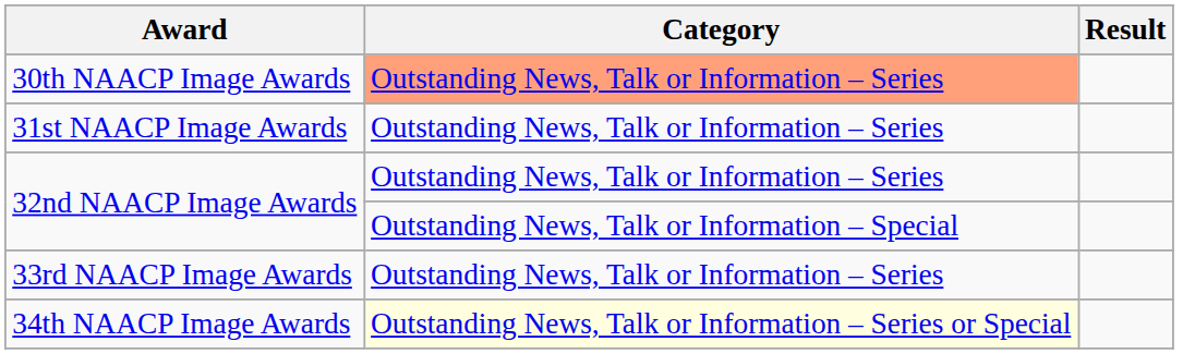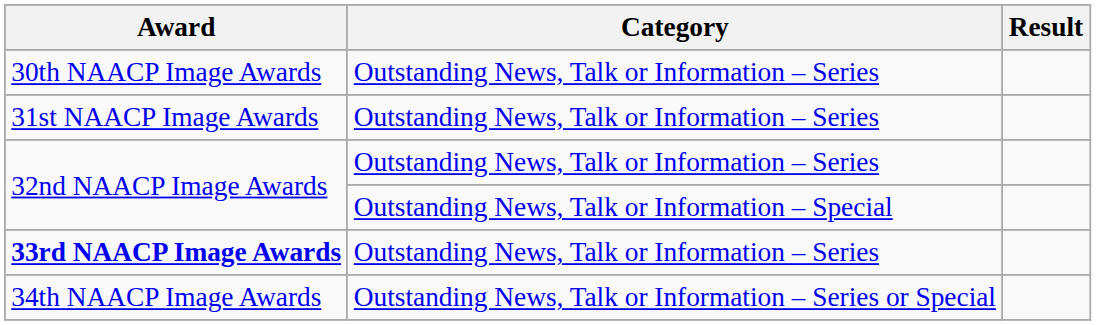 <table class="wikitable" style="font-size: 95%;">
 <tr>
 <th>Award</th>
 <th>Category</th>
 <th>Result</th>
 </tr>
 <tr>
 <td><a href='#'>30th NAACP Image Awards</a></td>
-<td style="background: lightsalmon;"><a href='#'>Outstanding News, Talk or Information – Series</a></td>
+<td><a href='#'>Outstanding News, Talk or Information – Series</a></td>
 <td></td>
 </tr>
 <tr>
 <td><a href='#'>31st NAACP Image Awards</a></td>
 <td><a href='#'>Outstanding News, Talk or Information – Series</a></td>
 <td></td>
 </tr>
 <tr>
 <td rowspan="2"><a href='#'>32nd NAACP Image Awards</a></td>
 <td><a href='#'>Outstanding News, Talk or Information – Series</a></td>
 <td></td>
 </tr>
 <tr>
 <td><a href='#'>Outstanding News, Talk or Information – Special</a></td>
 <td></td>
 </tr>
 <tr>
-<td><a href='#'>33rd NAACP Image Awards</a></td>
+<td><strong><a href='#'>33rd NAACP Image Awards</a></strong></td>
 <td><a href='#'>Outstanding News, Talk or Information – Series</a></td>
 <td></td>
 </tr>
 <tr>
 <td><a href='#'>34th NAACP Image Awards</a></td>
-<td style="background: lightyellow;"><a href='#'>Outstanding News, Talk or Information – Series  or Special</a></td>
+<td><a href='#'>Outstanding News, Talk or Information – Series  or Special</a></td>
 <td></td>
 </tr>
 </table>
